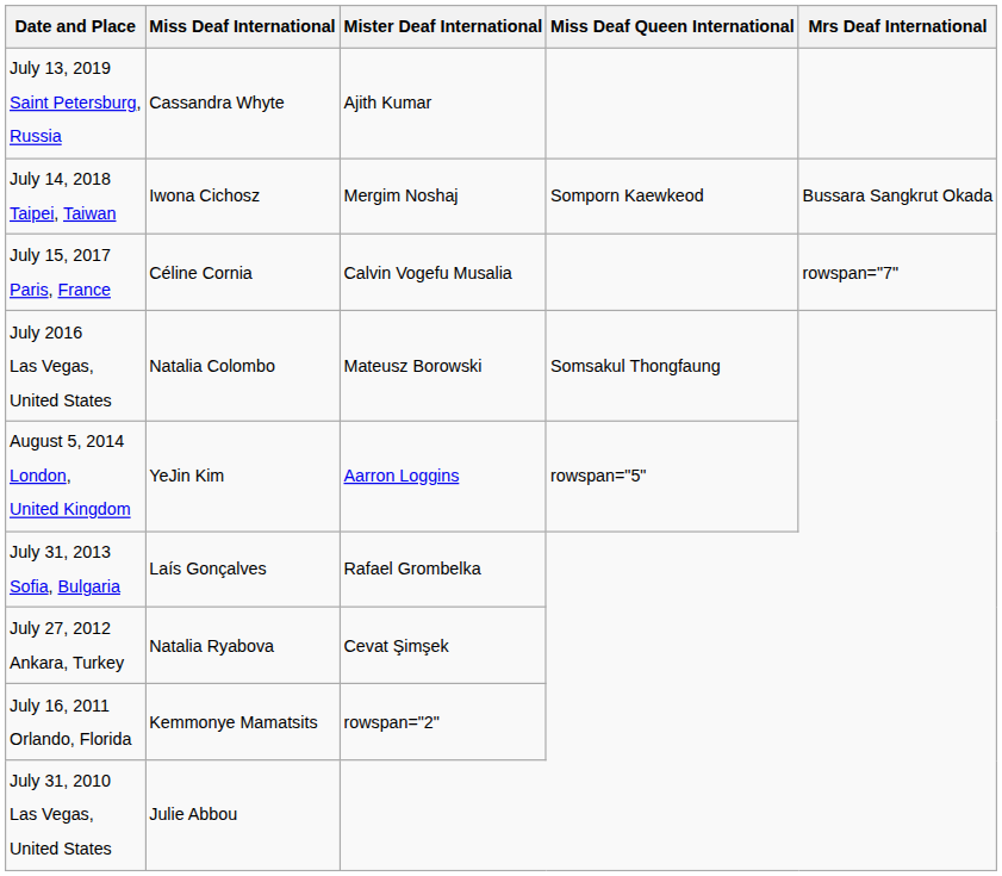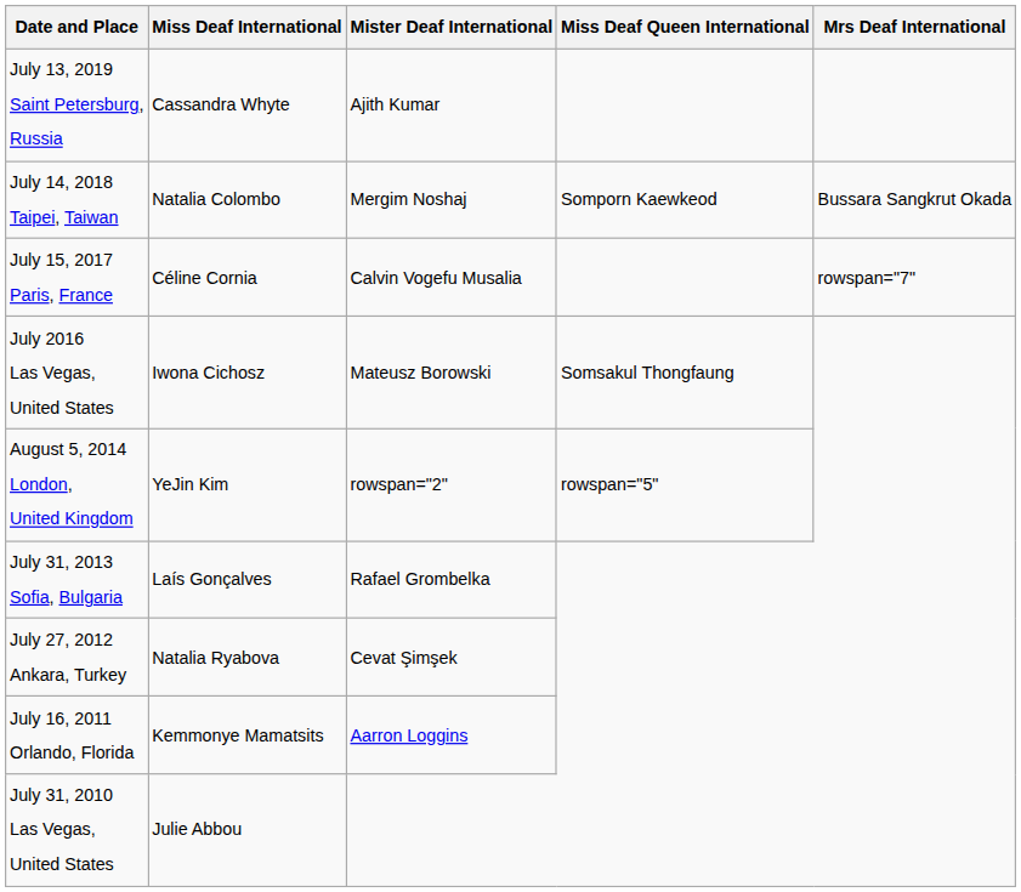 <table class="wikitable" style= "text-align:left; font-size:9pt; line-height:24px;">
 <tr align="center">
 <th>Date and Place</th>
 <th>Miss Deaf International</th>
 <th>Mister Deaf International</th>
 <th>Miss Deaf Queen International</th>
 <th>Mrs Deaf International</th>
 </tr>
 <tr>
 <td>July 13, 2019<br><a href='#'>Saint Petersburg</a>,<br><a href='#'>Russia</a></td>
 <td>Cassandra Whyte<br></td>
 <td>Ajith Kumar<br></td>
 <td></td>
 <td></td>
 </tr>
 <tr>
 <td>July 14, 2018<br><a href='#'>Taipei</a>, <a href='#'>Taiwan</a></td>
-<td>Iwona Cichosz<br></td>
+<td>Natalia Colombo<br></td>
 <td>Mergim Noshaj<br></td>
 <td>Somporn Kaewkeod<br></td>
 <td>Bussara Sangkrut Okada<br></td>
 </tr>
 <tr>
 <td>July 15, 2017<br><a href='#'>Paris</a>, <a href='#'>France</a></td>
 <td>Céline Cornia<br></td>
 <td>Calvin Vogefu Musalia<br></td>
 <td></td>
 <td>rowspan="7" </td>
 </tr>
 <tr>
 <td>July 2016<br>Las Vegas,<br>United States</td>
-<td>Natalia Colombo<br></td>
+<td>Iwona Cichosz<br></td>
 <td>Mateusz Borowski<br></td>
 <td>Somsakul Thongfaung<br></td>
 </tr>
 <tr>
 <td>August 5, 2014<br><a href='#'>London</a>,<br><a href='#'>United Kingdom</a></td>
 <td>YeJin Kim<br></td>
-<td><a href='#'>Aarron Loggins</a><br></td>
+<td>rowspan="2" </td>
 <td>rowspan="5" </td>
 </tr>
 <tr>
 <td>July 31, 2013<br><a href='#'>Sofia</a>, <a href='#'>Bulgaria</a></td>
 <td>Laís Gonçalves<br></td>
 <td>Rafael Grombelka<br></td>
 </tr>
 <tr>
 <td>July 27, 2012<br>Ankara, Turkey</td>
 <td>Natalia Ryabova<br></td>
 <td>Cevat Şimşek<br></td>
 </tr>
 <tr>
 <td>July 16, 2011<br>Orlando, Florida</td>
 <td>Kemmonye Mamatsits<br></td>
-<td>rowspan="2" </td>
+<td><a href='#'>Aarron Loggins</a><br></td>
 </tr>
 <tr>
 <td>July 31, 2010<br>Las Vegas,<br>United States</td>
 <td>Julie Abbou<br></td>
 </tr>
 </table>
